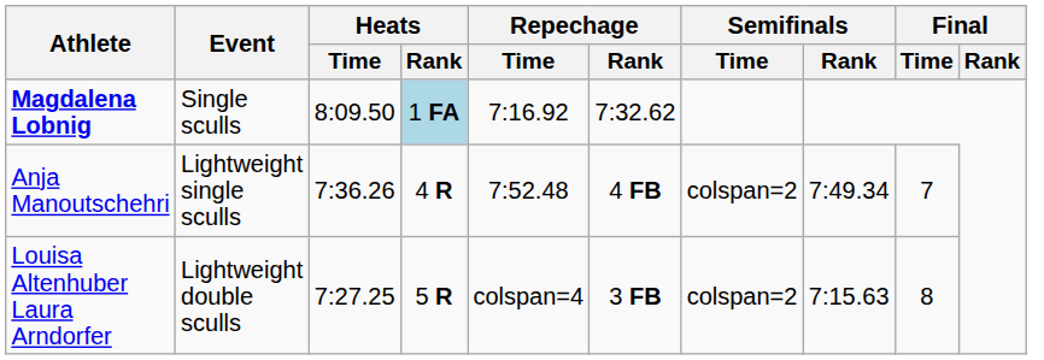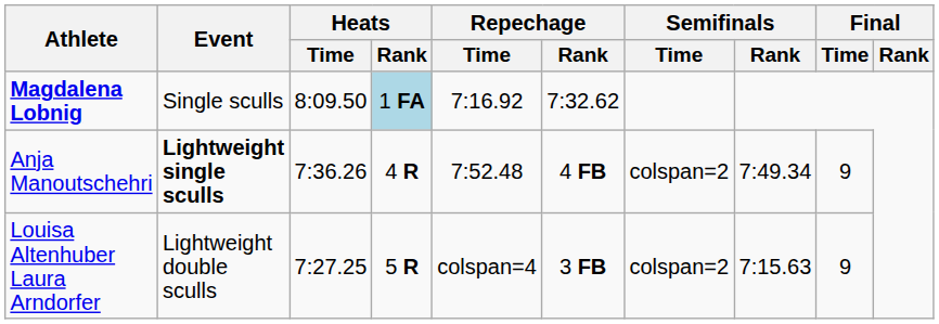 <table class="wikitable" style="font-size:90%">
 <tr>
 <th rowspan="2">Athlete</th>
 <th rowspan="2">Event</th>
 <th colspan="2">Heats</th>
 <th colspan="2">Repechage</th>
 <th colspan="2">Semifinals</th>
 <th colspan="2">Final</th>
 </tr>
 <tr style="font-size:95%">
 <th>Time</th>
 <th>Rank</th>
 <th>Time</th>
 <th>Rank</th>
 <th>Time</th>
 <th>Rank</th>
 <th>Time</th>
 <th>Rank</th>
 </tr>
 <tr align=center>
 <td align=left><strong><a href='#'>Magdalena Lobnig</a></strong></td>
 <td align=left>Single sculls</td>
 <td>8:09.50</td>
 <td style="background: lightblue;">1 <strong>FA</strong></td>
 <td>7:16.92</td>
 <td>7:32.62</td>
 <td></td>
 </tr>
 <tr align=center>
 <td align=left><a href='#'>Anja Manoutschehri</a></td>
-<td align=left>Lightweight single sculls</td>
+<td align=left><strong>Lightweight single sculls</strong></td>
 <td>7:36.26</td>
 <td>4 <strong>R</strong></td>
 <td>7:52.48</td>
 <td>4 <strong>FB</strong></td>
 <td>colspan=2</td>
 <td>7:49.34</td>
-<td>7</td>
+<td>9</td>
 </tr>
 <tr align=center>
 <td align=left><a href='#'>Louisa Altenhuber</a><br><a href='#'>Laura Arndorfer</a></td>
 <td align=left>Lightweight double sculls</td>
 <td>7:27.25</td>
 <td>5 <strong>R</strong></td>
 <td>colspan=4</td>
 <td>3 <strong>FB</strong></td>
 <td>colspan=2</td>
 <td>7:15.63</td>
-<td>8</td>
+<td>9</td>
 </tr>
 </table>
